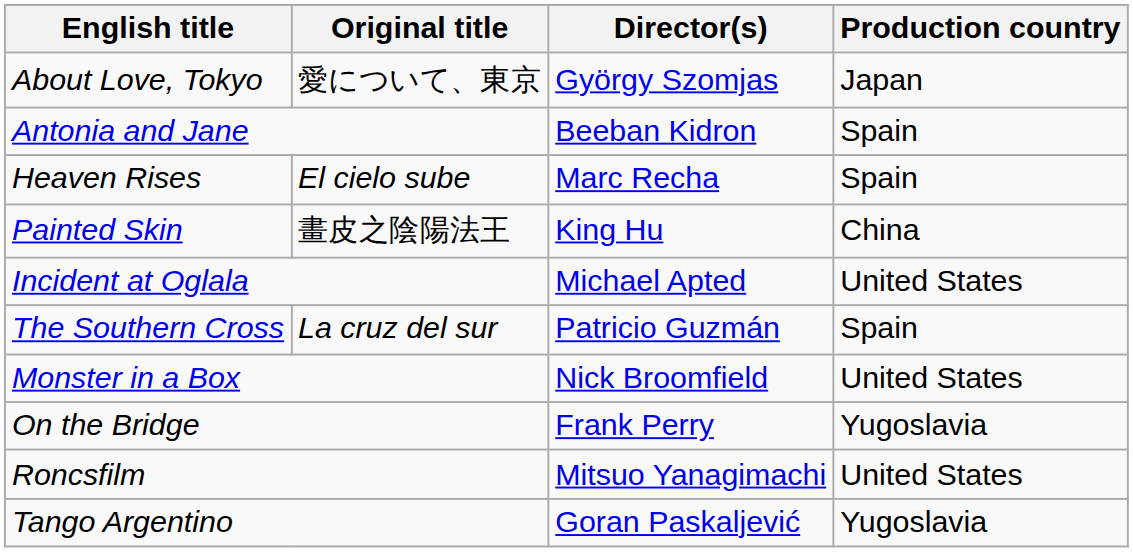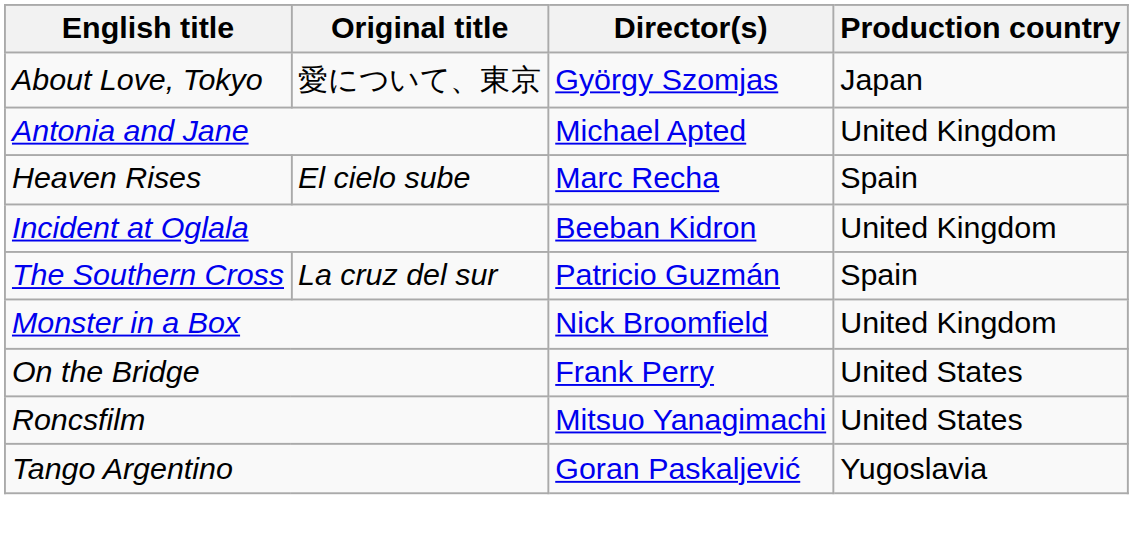 <table class="sortable wikitable" style="display:inline-block; margin-right:4%; margin-top:0px; margin-bottom:0px; border:none">
 <tr>
 <th>English title</th>
 <th>Original title</th>
 <th>Director(s)</th>
 <th>Production country</th>
 </tr>
 <tr>
 <td><em>About Love, Tokyo</em></td>
 <td>愛について、東京</td>
 <td><a href='#'>György Szomjas</a></td>
 <td>Japan</td>
 </tr>
 <tr>
 <td colspan=2><em><a href='#'>Antonia and Jane</a></em></td>
-<td><a href='#'>Beeban Kidron</a></td>
-<td>Spain</td>
+<td><a href='#'>Michael Apted</a></td>
+<td>United Kingdom</td>
 </tr>
 <tr>
 <td><em>Heaven Rises</em></td>
 <td><em>El cielo sube</em></td>
 <td><a href='#'>Marc Recha</a></td>
 <td>Spain</td>
 </tr>
 <tr>
-<td><em><a href='#'>Painted Skin</a></em></td>
-<td>畫皮之陰陽法王</td>
-<td><a href='#'>King Hu</a></td>
-<td>China</td>
-</tr>
-<tr>
 <td colspan=2><em><a href='#'>Incident at Oglala</a></em></td>
-<td><a href='#'>Michael Apted</a></td>
-<td>United States</td>
+<td><a href='#'>Beeban Kidron</a></td>
+<td>United Kingdom</td>
 </tr>
 <tr>
 <td><em><a href='#'>The Southern Cross</a></em></td>
 <td><em>La cruz del sur</em></td>
 <td><a href='#'>Patricio Guzmán</a></td>
 <td>Spain</td>
 </tr>
 <tr>
 <td colspan=2><em><a href='#'>Monster in a Box</a></em></td>
 <td><a href='#'>Nick Broomfield</a></td>
-<td>United States</td>
+<td>United Kingdom</td>
 </tr>
 <tr>
 <td colspan=2><em>On the Bridge</em></td>
 <td><a href='#'>Frank Perry</a></td>
-<td>Yugoslavia</td>
+<td>United States</td>
 </tr>
 <tr>
 <td colspan=2><em>Roncsfilm</em></td>
 <td><a href='#'>Mitsuo Yanagimachi</a></td>
 <td>United States</td>
 </tr>
 <tr>
 <td colspan=2><em>Tango Argentino</em></td>
 <td><a href='#'>Goran Paskaljević</a></td>
 <td>Yugoslavia</td>
 </tr>
 </table>
